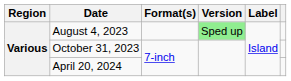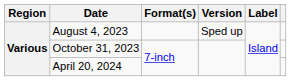 <table class="wikitable plainrowheaders">
 <tr>
 <th scope="col">Region</th>
 <th scope="col">Date</th>
 <th scope="col">Format(s)</th>
 <th scope="col">Version</th>
 <th scope="col">Label</th>
 <th scope="col"></th>
 </tr>
 <tr>
 <th rowspan="3" scope="row">Various</th>
 <td>August 4, 2023</td>
 <td></td>
-<td style="background: lightgreen;">Sped up</td>
+<td>Sped up</td>
 <td rowspan="3"><a href='#'>Island</a></td>
 <td align="center"></td>
 </tr>
 <tr>
 <td>October 31, 2023</td>
 <td rowspan="2"><a href='#'>7-inch</a></td>
 <td rowspan="2"></td>
 <td align="center"></td>
 </tr>
 <tr>
 <td>April 20, 2024</td>
 <td align="center"></td>
 </tr>
 </table>
